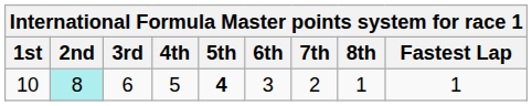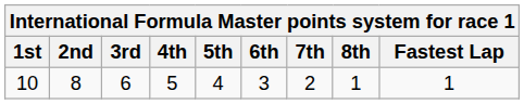 <table class="wikitable" style="font-size:95%; text-align:center">
 <tr>
 <th colspan="9">International Formula Master points system for race 1</th>
 </tr>
 <tr>
 <th>1st</th>
 <th>2nd</th>
 <th>3rd</th>
 <th>4th</th>
 <th>5th</th>
 <th>6th</th>
 <th>7th</th>
 <th>8th</th>
 <th>Fastest Lap</th>
 </tr>
 <tr>
 <td>10</td>
-<td style="background: paleturquoise;">8</td>
+<td>8</td>
 <td>6</td>
 <td>5</td>
-<td><strong>4</strong></td>
+<td>4</td>
 <td>3</td>
 <td>2</td>
 <td>1</td>
 <td>1</td>
 </tr>
 </table>
